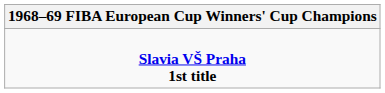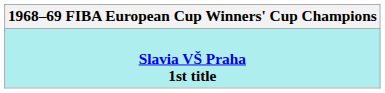 <table class=wikitable style="text-align:center; margin:auto">
 <tr>
 <th>1968–69 FIBA European Cup Winners' Cup Champions</th>
 </tr>
 <tr>
-<td><br> <strong><a href='#'>Slavia VŠ Praha</a></strong> <br> <strong>1st title</strong></td>
+<td style="background: paleturquoise;"><br> <strong><a href='#'>Slavia VŠ Praha</a></strong> <br> <strong>1st title</strong></td>
 </tr>
 </table>
